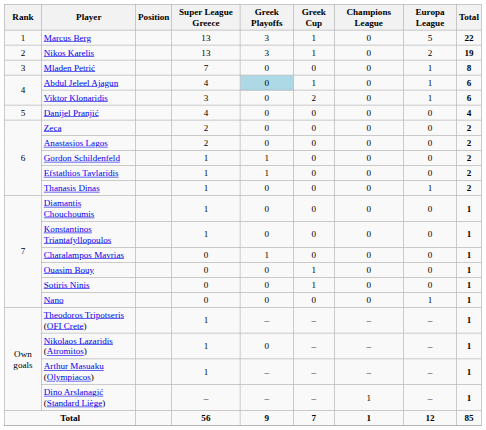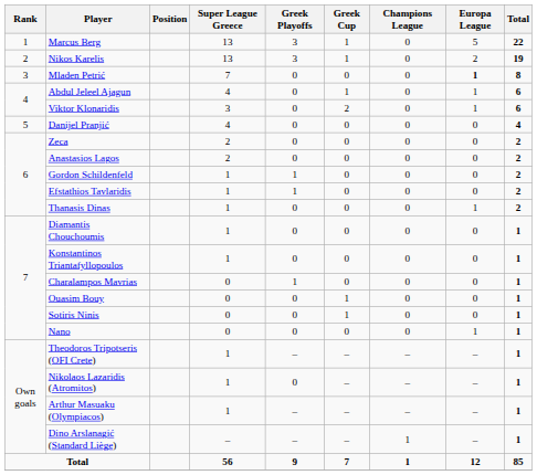 <table class="wikitable sortable" style="width:90%; text-align:center; font-size:95%;text-align:left;">
 <tr>
 <th>Rank</th>
 <th style="width:150px;">Player</th>
 <th>Position</th>
 <th>Super League Greece</th>
 <th>Greek Playoffs</th>
 <th>Greek Cup</th>
 <th>Champions League</th>
 <th>Europa League</th>
 <th>Total</th>
 </tr>
 <tr>
 <td align=center>1</td>
 <td> <a href='#'>Marcus Berg</a></td>
 <td align=center></td>
 <td align=center>13</td>
 <td align=center>3</td>
 <td align=center>1</td>
 <td align=center>0</td>
 <td align=center>5</td>
 <td align=center><strong>22</strong></td>
 </tr>
 <tr>
 <td align=center>2</td>
 <td> <a href='#'>Nikos Karelis</a></td>
 <td align=center></td>
 <td align=center>13</td>
 <td align=center>3</td>
 <td align=center>1</td>
 <td align=center>0</td>
 <td align=center>2</td>
 <td align=center><strong>19</strong></td>
 </tr>
 <tr>
 <td align=center>3</td>
 <td> <a href='#'>Mladen Petrić</a></td>
 <td align=center></td>
 <td align=center>7</td>
 <td align=center>0</td>
 <td align=center>0</td>
 <td align=center>0</td>
-<td align=center>1</td>
+<td align=center><strong>1</strong></td>
 <td align=center><strong>8</strong></td>
 </tr>
 <tr>
 <td align=center rowspan=2>4</td>
 <td> <a href='#'>Abdul Jeleel Ajagun</a></td>
 <td align=center></td>
 <td align=center>4</td>
-<td align=center style="background: lightblue;">0</td>
+<td align=center>0</td>
 <td align=center>1</td>
 <td align=center>0</td>
 <td align=center>1</td>
 <td align=center><strong>6</strong></td>
 </tr>
 <tr>
 <td> <a href='#'>Viktor Klonaridis</a></td>
 <td align=center></td>
 <td align=center>3</td>
 <td align=center>0</td>
 <td align=center>2</td>
 <td align=center>0</td>
 <td align=center>1</td>
 <td align=center><strong>6</strong></td>
 </tr>
 <tr>
 <td align=center>5</td>
 <td> <a href='#'>Danijel Pranjić</a></td>
 <td align=center></td>
 <td align=center>4</td>
 <td align=center>0</td>
 <td align=center>0</td>
 <td align=center>0</td>
 <td align=center>0</td>
 <td align=center><strong>4</strong></td>
 </tr>
 <tr>
 <td align=center rowspan=5>6</td>
 <td> <a href='#'>Zeca</a></td>
 <td align=center></td>
 <td align=center>2</td>
 <td align=center>0</td>
 <td align=center>0</td>
 <td align=center>0</td>
 <td align=center>0</td>
 <td align=center><strong>2</strong></td>
 </tr>
 <tr>
 <td> <a href='#'>Anastasios Lagos</a></td>
 <td align=center></td>
 <td align=center>2</td>
 <td align=center>0</td>
 <td align=center>0</td>
 <td align=center>0</td>
 <td align=center>0</td>
 <td align=center><strong>2</strong></td>
 </tr>
 <tr>
 <td> <a href='#'>Gordon Schildenfeld</a></td>
 <td align=center></td>
 <td align=center>1</td>
 <td align=center>1</td>
 <td align=center>0</td>
 <td align=center>0</td>
 <td align=center>0</td>
 <td align=center><strong>2</strong></td>
 </tr>
 <tr>
 <td> <a href='#'>Efstathios Tavlaridis</a></td>
 <td align=center></td>
 <td align=center>1</td>
 <td align=center>1</td>
 <td align=center>0</td>
 <td align=center>0</td>
 <td align=center>0</td>
 <td align=center><strong>2</strong></td>
 </tr>
 <tr>
 <td> <a href='#'>Thanasis Dinas</a></td>
 <td align=center></td>
 <td align=center>1</td>
 <td align=center>0</td>
 <td align=center>0</td>
 <td align=center>0</td>
 <td align=center>1</td>
 <td align=center><strong>2</strong></td>
 </tr>
 <tr>
 <td align=center rowspan=6>7</td>
 <td> <a href='#'>Diamantis Chouchoumis</a></td>
 <td align=center></td>
 <td align=center>1</td>
 <td align=center>0</td>
 <td align=center>0</td>
 <td align=center>0</td>
 <td align=center>0</td>
 <td align=center><strong>1</strong></td>
 </tr>
 <tr>
 <td> <a href='#'>Konstantinos Triantafyllopoulos</a></td>
 <td align=center></td>
 <td align=center>1</td>
 <td align=center>0</td>
 <td align=center>0</td>
 <td align=center>0</td>
 <td align=center>0</td>
 <td align=center><strong>1</strong></td>
 </tr>
 <tr>
 <td> <a href='#'>Charalampos Mavrias</a></td>
 <td align=center></td>
 <td align=center>0</td>
 <td align=center>1</td>
 <td align=center>0</td>
 <td align=center>0</td>
 <td align=center>0</td>
 <td align=center><strong>1</strong></td>
 </tr>
 <tr>
 <td> <a href='#'>Ouasim Bouy</a></td>
 <td align=center></td>
 <td align=center>0</td>
 <td align=center>0</td>
 <td align=center>1</td>
 <td align=center>0</td>
 <td align=center>0</td>
 <td align=center><strong>1</strong></td>
 </tr>
 <tr>
 <td> <a href='#'>Sotiris Ninis</a></td>
 <td align=center></td>
 <td align=center>0</td>
 <td align=center>0</td>
 <td align=center>1</td>
 <td align=center>0</td>
 <td align=center>0</td>
 <td align=center><strong>1</strong></td>
 </tr>
 <tr>
 <td> <a href='#'>Nano</a></td>
 <td align=center></td>
 <td align=center>0</td>
 <td align=center>0</td>
 <td align=center>0</td>
 <td align=center>0</td>
 <td align=center>1</td>
 <td align=center><strong>1</strong></td>
 </tr>
 <tr>
 <td align=center rowspan=4>Own goals</td>
 <td> <a href='#'>Theodoros Tripotseris</a> (<a href='#'>OFI Crete</a>)</td>
 <td align=center></td>
 <td align=center>1</td>
 <td align=center>–</td>
 <td align=center>–</td>
 <td align=center>–</td>
 <td align=center>–</td>
 <td align=center><strong>1</strong></td>
 </tr>
 <tr>
 <td> <a href='#'>Nikolaos Lazaridis</a> (<a href='#'>Atromitos</a>)</td>
 <td align=center></td>
 <td align=center>1</td>
 <td align=center>0</td>
 <td align=center>–</td>
 <td align=center>–</td>
 <td align=center>–</td>
 <td align=center><strong>1</strong></td>
 </tr>
 <tr>
 <td> <a href='#'>Arthur Masuaku</a> (<a href='#'>Olympiacos</a>)</td>
 <td align=center></td>
 <td align=center>1</td>
 <td align=center>–</td>
 <td align=center>–</td>
 <td align=center>–</td>
 <td align=center>–</td>
 <td align=center><strong>1</strong></td>
 </tr>
 <tr>
 <td> <a href='#'>Dino Arslanagić</a> (<a href='#'>Standard Liège</a>)</td>
 <td align=center></td>
 <td align=center>–</td>
 <td align=center>–</td>
 <td align=center>–</td>
 <td align=center>1</td>
 <td align=center>–</td>
 <td align=center><strong>1</strong></td>
 </tr>
 <tr>
 <td align=center colspan=2><strong>Total</strong></td>
 <td align=center></td>
 <td align=center><strong>56</strong></td>
 <td align=center><strong>9</strong></td>
 <td align=center><strong>7</strong></td>
 <td align=center><strong>1</strong></td>
 <td align=center><strong>12</strong></td>
 <td align=center><strong>85</strong></td>
 </tr>
 <tr>
 </tr>
 </table>
